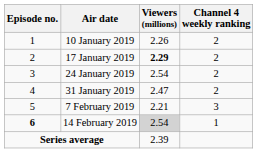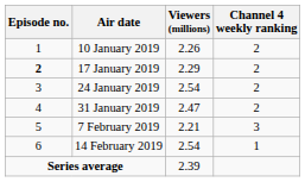 <table class="wikitable" style="text-align:center;">
 <tr>
 <th>Episode no.</th>
 <th>Air date</th>
 <th>Viewers<br><small>(millions)</small></th>
 <th>Channel 4<br>weekly ranking</th>
 </tr>
 <tr>
 <td>1</td>
 <td>10 January 2019</td>
 <td>2.26</td>
 <td>2</td>
 </tr>
 <tr>
-<td>2</td>
+<td><strong>2</strong></td>
 <td>17 January 2019</td>
-<td><strong>2.29</strong></td>
+<td>2.29</td>
 <td>2</td>
 </tr>
 <tr>
 <td>3</td>
 <td>24 January 2019</td>
 <td>2.54</td>
 <td>2</td>
 </tr>
 <tr>
 <td>4</td>
 <td>31 January 2019</td>
 <td>2.47</td>
 <td>2</td>
 </tr>
 <tr>
 <td>5</td>
 <td>7 February 2019</td>
 <td>2.21</td>
 <td>3</td>
 </tr>
 <tr>
-<td><strong>6</strong></td>
+<td>6</td>
 <td>14 February 2019</td>
-<td style="background: lightgrey;">2.54</td>
+<td>2.54</td>
 <td>1</td>
 </tr>
 <tr>
 <td colspan=2><strong>Series average</strong></td>
 <td>2.39</td>
 <td></td>
 </tr>
 </table>
